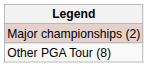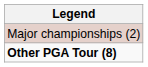 <table class="wikitable" style="font-size:95%;">
 <tr>
 <th>Legend</th>
 </tr>
 <tr style="background:#e5d1cb;">
 <td>Major championships (2)</td>
 </tr>
 <tr>
-<td>Other PGA Tour (8)</td>
+<td><strong>Other PGA Tour (8)</strong></td>
 </tr>
 </table>
